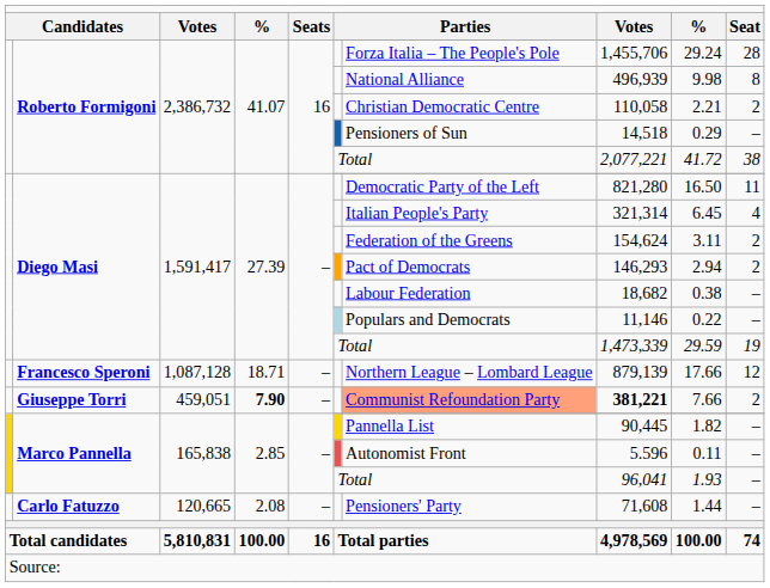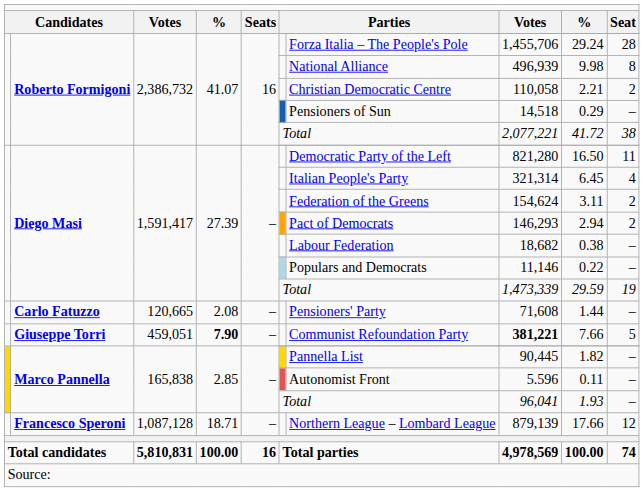 <table class="wikitable">
 <tr>
 <td colspan=10></td>
 </tr>
 <tr>
 <th colspan=2>Candidates</th>
 <th>Votes</th>
 <th>%</th>
 <th>Seats</th>
 <th colspan=2>Parties</th>
 <th>Votes</th>
 <th>%</th>
 <th>Seat</th>
 </tr>
 <tr>
 <td rowspan=6></td>
 <td rowspan=6><strong><a href='#'>Roberto Formigoni</a></strong></td>
 <td rowspan=6 align=right>2,386,732</td>
 <td rowspan=6 align=right>41.07</td>
 <td rowspan=6 align=right>16</td>
 </tr>
 <tr>
 <td></td>
 <td align="left"><a href='#'>Forza Italia – The People's Pole</a></td>
 <td align=right>1,455,706</td>
 <td align=right>29.24</td>
 <td align=right>28</td>
 </tr>
 <tr>
 <td></td>
 <td align="left"><a href='#'>National Alliance</a></td>
 <td align=right>496,939</td>
 <td align=right>9.98</td>
 <td align=right>8</td>
 </tr>
 <tr>
 <td></td>
 <td align="left"><a href='#'>Christian Democratic Centre</a></td>
 <td align=right>110,058</td>
 <td align=right>2.21</td>
 <td align=right>2</td>
 </tr>
 <tr>
 <td bgcolor="#1560AA"></td>
 <td align="left">Pensioners of Sun</td>
 <td align=right>14,518</td>
 <td align=right>0.29</td>
 <td align=right>–</td>
 </tr>
 <tr>
 <td colspan=2><em>Total</em></td>
 <td align=right><em>2,077,221</em></td>
 <td align=right><em>41.72</em></td>
 <td align=right><em>38</em></td>
 </tr>
 <tr>
 <td rowspan=8></td>
 <td rowspan=8><strong><a href='#'>Diego Masi</a></strong></td>
 <td rowspan=8 align=right>1,591,417</td>
 <td rowspan=8 align=right>27.39</td>
 <td rowspan=8 align=right>–</td>
 </tr>
 <tr>
 <td></td>
 <td align="left"><a href='#'>Democratic Party of the Left</a></td>
 <td align=right>821,280</td>
 <td align=right>16.50</td>
 <td align=right>11</td>
 </tr>
 <tr>
 <td></td>
 <td align="left"><a href='#'>Italian People's Party</a></td>
 <td align=right>321,314</td>
 <td align=right>6.45</td>
 <td align=right>4</td>
 </tr>
 <tr>
 <td></td>
 <td align="left"><a href='#'>Federation of the Greens</a></td>
 <td align=right>154,624</td>
 <td align=right>3.11</td>
 <td align=right>2</td>
 </tr>
 <tr>
 <td bgcolor="orange"></td>
 <td align="left"><a href='#'>Pact of Democrats</a></td>
 <td align=right>146,293</td>
 <td align=right>2.94</td>
 <td align=right>2</td>
 </tr>
 <tr>
 <td></td>
 <td align="left"><a href='#'>Labour Federation</a></td>
 <td align=right>18,682</td>
 <td align=right>0.38</td>
 <td align=right>–</td>
 </tr>
 <tr>
 <td bgcolor="lightblue"></td>
 <td align="left">Populars and Democrats</td>
 <td align=right>11,146</td>
 <td align=right>0.22</td>
 <td align=right>–</td>
 </tr>
 <tr>
 <td colspan=2><em>Total</em></td>
 <td align=right><em>1,473,339</em></td>
 <td align=right><em>29.59</em></td>
 <td align=right><em>19</em></td>
 </tr>
 <tr>
 <td></td>
-<td><strong><a href='#'>Francesco Speroni</a></strong></td>
-<td align=right>1,087,128</td>
-<td align=right>18.71</td>
+<td><strong><a href='#'>Carlo Fatuzzo</a></strong></td>
+<td align=right>120,665</td>
+<td align=right>2.08</td>
 <td align=right>–</td>
 <td></td>
-<td align="left"><a href='#'>Northern League</a> – <a href='#'>Lombard League</a></td>
-<td align=right>879,139</td>
-<td align=right>17.66</td>
-<td align=right>12</td>
+<td align="left"><a href='#'>Pensioners' Party</a></td>
+<td align=right>71,608</td>
+<td align=right>1.44</td>
+<td align=right>–</td>
 </tr>
 <tr>
 <td></td>
 <td><strong><a href='#'>Giuseppe Torri</a></strong></td>
 <td align=right>459,051</td>
 <td align=right><strong>7.90</strong></td>
 <td align=right>–</td>
 <td></td>
-<td align="left" style="background: lightsalmon;"><a href='#'>Communist Refoundation Party</a></td>
+<td align="left"><a href='#'>Communist Refoundation Party</a></td>
 <td align=right><strong>381,221</strong></td>
 <td align=right>7.66</td>
-<td align=right>2</td>
+<td align=right>5</td>
 </tr>
 <tr>
 <td rowspan=4 bgcolor="gold"></td>
 <td rowspan=4><strong><a href='#'>Marco Pannella</a></strong></td>
 <td rowspan=4 align=right>165,838</td>
 <td rowspan=4 align=right>2.85</td>
 <td rowspan=4 align=right>–</td>
 </tr>
 <tr>
 <td bgcolor="gold"></td>
 <td align="left"><a href='#'>Pannella List</a></td>
 <td align=right>90,445</td>
 <td align=right>1.82</td>
 <td align=right>–</td>
 </tr>
 <tr>
 <td bgcolor="#E55451"></td>
 <td>Autonomist Front</td>
 <td align=right>5.596</td>
 <td align=right>0.11</td>
 <td align=right>–</td>
 </tr>
 <tr>
 <td colspan=2><em>Total</em></td>
 <td align=right><em>96,041</em></td>
 <td align=right><em>1.93</em></td>
 <td align=right><em>–</em></td>
 </tr>
 <tr>
 <td></td>
-<td><strong><a href='#'>Carlo Fatuzzo</a></strong></td>
-<td align=right>120,665</td>
-<td align=right>2.08</td>
+<td><strong><a href='#'>Francesco Speroni</a></strong></td>
+<td align=right>1,087,128</td>
+<td align=right>18.71</td>
 <td align=right>–</td>
 <td></td>
-<td align="left"><a href='#'>Pensioners' Party</a></td>
-<td align=right>71,608</td>
-<td align=right>1.44</td>
-<td align=right>–</td>
+<td align="left"><a href='#'>Northern League</a> – <a href='#'>Lombard League</a></td>
+<td align=right>879,139</td>
+<td align=right>17.66</td>
+<td align=right>12</td>
 </tr>
 <tr>
 <th colspan=10></th>
 </tr>
 <tr>
 <td colspan=2><strong>Total candidates</strong></td>
 <td align=right><strong>5,810,831</strong></td>
 <td align=right><strong>100.00</strong></td>
 <td align=right><strong>16</strong></td>
 <td colspan=2><strong>Total parties</strong></td>
 <td align=right><strong>4,978,569</strong></td>
 <td align=right><strong>100.00</strong></td>
 <td align=right><strong>74</strong></td>
 </tr>
 <tr>
 <td colspan=10>Source: </td>
 </tr>
 </table>
